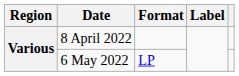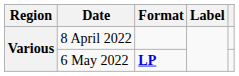 <table class="wikitable plainrowheaders">
 <tr>
 <th scope="col">Region</th>
 <th scope="col">Date</th>
 <th scope="col">Format</th>
 <th scope="col">Label</th>
 <th scope="col"></th>
 </tr>
 <tr>
 <th scope="row" rowspan="2">Various</th>
 <td>8 April 2022</td>
 <td></td>
 <td rowspan="2"></td>
 <td style="text-align:center;"></td>
 </tr>
 <tr>
 <td>6 May 2022</td>
-<td><a href='#'>LP</a></td>
+<td><strong><a href='#'>LP</a></strong></td>
 <td style="text-align:center;"></td>
 </tr>
 </table>
